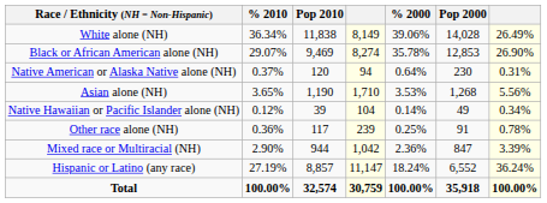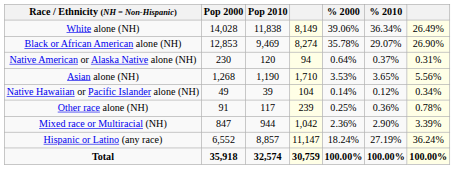 <table class="wikitable" style="text-align:center;">
 <tr>
 <th>Race / Ethnicity <small>(<em>NH = Non-Hispanic</em>)</small></th>
-<th>% 2010</th>
+<th>Pop 2000</th>
 <th>Pop 2010</th>
 <th></th>
 <th>% 2000</th>
-<th>Pop 2000</th>
+<th>% 2010</th>
 <th></th>
 </tr>
 <tr>
 <td><a href='#'>White</a> alone (NH)</td>
-<td>36.34%</td>
+<td>14,028</td>
 <td>11,838</td>
 <td style='background: #ffffe6;'>8,149</td>
 <td>39.06%</td>
-<td>14,028</td>
+<td>36.34%</td>
 <td style='background: #ffffe6;'>26.49%</td>
 </tr>
 <tr>
 <td><a href='#'>Black or African American</a> alone (NH)</td>
-<td>29.07%</td>
+<td>12,853</td>
 <td>9,469</td>
 <td style='background: #ffffe6;'>8,274</td>
 <td>35.78%</td>
-<td>12,853</td>
+<td>29.07%</td>
 <td style='background: #ffffe6;'>26.90%</td>
 </tr>
 <tr>
 <td><a href='#'>Native American</a> or <a href='#'>Alaska Native</a> alone (NH)</td>
-<td>0.37%</td>
+<td>230</td>
 <td>120</td>
 <td style='background: #ffffe6;'>94</td>
 <td>0.64%</td>
-<td>230</td>
+<td>0.37%</td>
 <td style='background: #ffffe6;'>0.31%</td>
 </tr>
 <tr>
 <td><a href='#'>Asian</a> alone (NH)</td>
-<td>3.65%</td>
+<td>1,268</td>
 <td>1,190</td>
 <td style='background: #ffffe6;'>1,710</td>
 <td>3.53%</td>
-<td>1,268</td>
+<td>3.65%</td>
 <td style='background: #ffffe6;'>5.56%</td>
 </tr>
 <tr>
 <td><a href='#'>Native Hawaiian</a> or <a href='#'>Pacific Islander</a> alone (NH)</td>
-<td>0.12%</td>
+<td>49</td>
 <td>39</td>
 <td style='background: #ffffe6;'>104</td>
 <td>0.14%</td>
-<td>49</td>
+<td>0.12%</td>
 <td style='background: #ffffe6;'>0.34%</td>
 </tr>
 <tr>
 <td><a href='#'>Other race</a> alone (NH)</td>
-<td>0.36%</td>
+<td>91</td>
 <td>117</td>
 <td style='background: #ffffe6;'>239</td>
 <td>0.25%</td>
-<td>91</td>
+<td>0.36%</td>
 <td style='background: #ffffe6;'>0.78%</td>
 </tr>
 <tr>
 <td><a href='#'>Mixed race or Multiracial</a> (NH)</td>
-<td>2.90%</td>
+<td>847</td>
 <td>944</td>
 <td style='background: #ffffe6;'>1,042</td>
 <td>2.36%</td>
-<td>847</td>
+<td>2.90%</td>
 <td style='background: #ffffe6;'>3.39%</td>
 </tr>
 <tr>
 <td><a href='#'>Hispanic or Latino</a> (any race)</td>
-<td>27.19%</td>
+<td>6,552</td>
 <td>8,857</td>
 <td style='background: #ffffe6;'>11,147</td>
 <td>18.24%</td>
-<td>6,552</td>
+<td>27.19%</td>
 <td style='background: #ffffe6;'>36.24%</td>
 </tr>
 <tr>
 <td><strong>Total</strong></td>
-<td><strong>100.00%</strong></td>
+<td><strong>35,918</strong></td>
 <td><strong>32,574</strong></td>
 <td style='background: #ffffe6;'><strong>30,759</strong></td>
 <td><strong>100.00%</strong></td>
-<td><strong>35,918</strong></td>
+<td><strong>100.00%</strong></td>
 <td style='background: #ffffe6;'><strong>100.00%</strong></td>
 </tr>
 </table>
